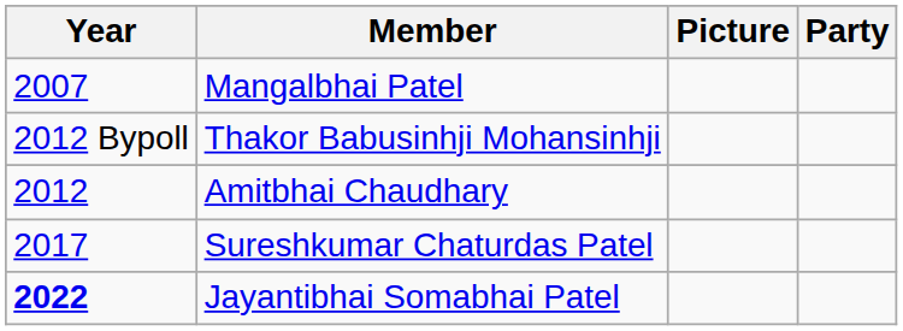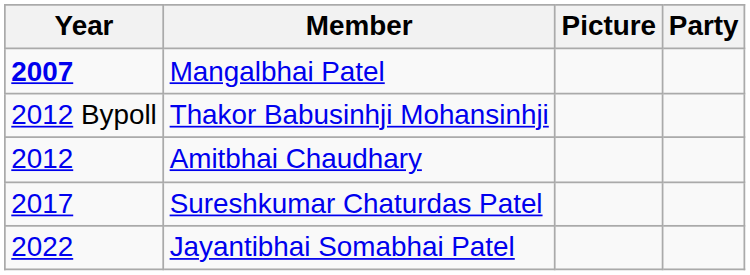 <table class="wikitable sortable">
 <tr>
 <th>Year</th>
 <th>Member</th>
 <th>Picture</th>
 <th colspan="2">Party</th>
 </tr>
 <tr>
-<td><a href='#'>2007</a></td>
+<td><strong><a href='#'>2007</a></strong></td>
 <td><a href='#'>Mangalbhai Patel</a></td>
 <td></td>
 <td></td>
 </tr>
 <tr>
 <td><a href='#'>2012</a> Bypoll</td>
 <td><a href='#'>Thakor Babusinhji Mohansinhji</a></td>
 <td></td>
 <td></td>
 </tr>
 <tr>
 <td><a href='#'>2012</a></td>
 <td><a href='#'>Amitbhai Chaudhary</a></td>
 <td></td>
 <td></td>
 </tr>
 <tr>
 <td><a href='#'>2017</a></td>
 <td><a href='#'>Sureshkumar Chaturdas Patel</a></td>
 <td></td>
 <td></td>
 </tr>
 <tr>
-<td><strong><a href='#'>2022</a></strong></td>
+<td><a href='#'>2022</a></td>
 <td><a href='#'>Jayantibhai Somabhai Patel</a></td>
 <td></td>
 <td></td>
 </tr>
 </table>
